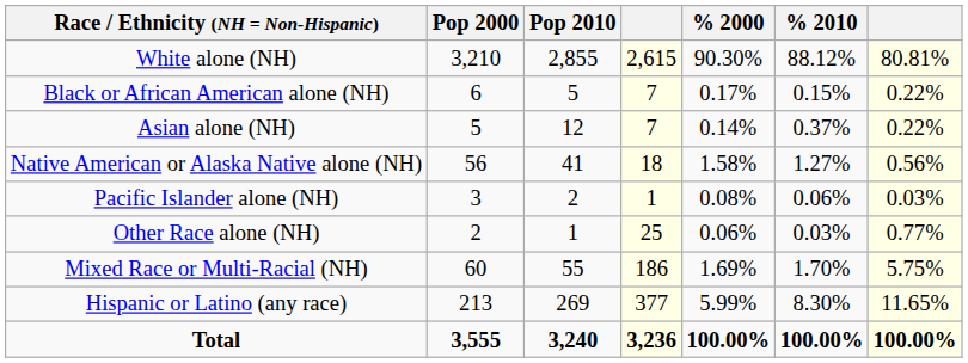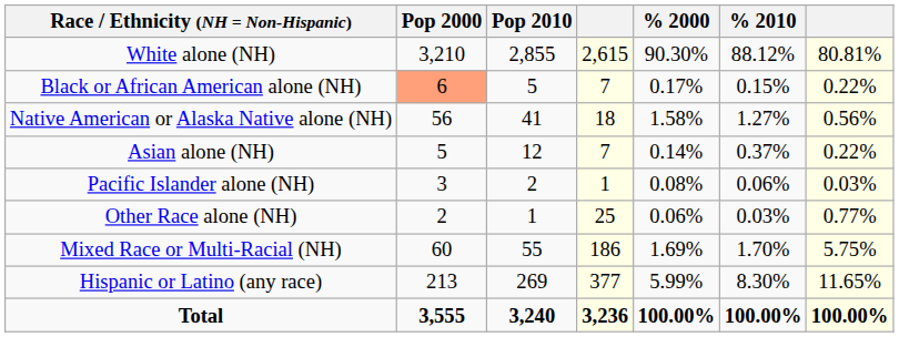 <table class="wikitable" style="text-align:center;">
 <tr>
 <th>Race / Ethnicity <small>(<em>NH = Non-Hispanic</em>)</small></th>
 <th>Pop 2000</th>
 <th>Pop 2010</th>
 <th></th>
 <th>% 2000</th>
 <th>% 2010</th>
 <th></th>
 </tr>
 <tr>
 <td><a href='#'>White</a> alone (NH)</td>
 <td>3,210</td>
 <td>2,855</td>
 <td style='background: #ffffe6;'>2,615</td>
 <td>90.30%</td>
 <td>88.12%</td>
 <td style='background: #ffffe6;'>80.81%</td>
 </tr>
 <tr>
 <td><a href='#'>Black or African American</a> alone (NH)</td>
-<td>6</td>
+<td style="background: lightsalmon;">6</td>
 <td>5</td>
 <td style='background: #ffffe6;'>7</td>
 <td>0.17%</td>
 <td>0.15%</td>
-<td style='background: #ffffe6;'>0.22%</td>
-</tr>
-<tr>
-<td><a href='#'>Asian</a> alone (NH)</td>
-<td>5</td>
-<td>12</td>
-<td style='background: #ffffe6;'>7</td>
-<td>0.14%</td>
-<td>0.37%</td>
 <td style='background: #ffffe6;'>0.22%</td>
 </tr>
 <tr>
 <td><a href='#'>Native American</a> or <a href='#'>Alaska Native</a> alone (NH)</td>
 <td>56</td>
 <td>41</td>
 <td style='background: #ffffe6;'>18</td>
 <td>1.58%</td>
 <td>1.27%</td>
 <td style='background: #ffffe6;'>0.56%</td>
+</tr>
+<tr>
+<td><a href='#'>Asian</a> alone (NH)</td>
+<td>5</td>
+<td>12</td>
+<td style='background: #ffffe6;'>7</td>
+<td>0.14%</td>
+<td>0.37%</td>
+<td style='background: #ffffe6;'>0.22%</td>
 </tr>
 <tr>
 <td><a href='#'>Pacific Islander</a> alone (NH)</td>
 <td>3</td>
 <td>2</td>
 <td style='background: #ffffe6;'>1</td>
 <td>0.08%</td>
 <td>0.06%</td>
 <td style='background: #ffffe6;'>0.03%</td>
 </tr>
 <tr>
 <td><a href='#'>Other Race</a> alone (NH)</td>
 <td>2</td>
 <td>1</td>
 <td style='background: #ffffe6;'>25</td>
 <td>0.06%</td>
 <td>0.03%</td>
 <td style='background: #ffffe6;'>0.77%</td>
 </tr>
 <tr>
 <td><a href='#'>Mixed Race or Multi-Racial</a> (NH)</td>
 <td>60</td>
 <td>55</td>
 <td style='background: #ffffe6;'>186</td>
 <td>1.69%</td>
 <td>1.70%</td>
 <td style='background: #ffffe6;'>5.75%</td>
 </tr>
 <tr>
 <td><a href='#'>Hispanic or Latino</a> (any race)</td>
 <td>213</td>
 <td>269</td>
 <td style='background: #ffffe6;'>377</td>
 <td>5.99%</td>
 <td>8.30%</td>
 <td style='background: #ffffe6;'>11.65%</td>
 </tr>
 <tr>
 <td><strong>Total</strong></td>
 <td><strong>3,555</strong></td>
 <td><strong>3,240</strong></td>
 <td style='background: #ffffe6;'><strong>3,236</strong></td>
 <td><strong>100.00%</strong></td>
 <td><strong>100.00%</strong></td>
 <td style='background: #ffffe6;'><strong>100.00%</strong></td>
 </tr>
 </table>
